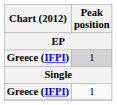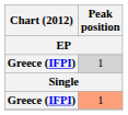 <table class="wikitable sortable plainrowheaders" style="text-align:center">
 <tr>
 <th scope="col">Chart (2012)</th>
 <th scope="col">Peak<br>position</th>
 </tr>
 <tr>
 <th scope="col" colspan="3">EP</th>
 </tr>
 <tr>
 <th scope="row">Greece (<a href='#'>IFPI</a>)</th>
 <td style="background: lightgrey;">1</td>
 </tr>
 <tr>
 <th scope="col" colspan="3">Single</th>
 </tr>
 <tr>
 <th scope="row">Greece (<a href='#'>IFPI</a>)</th>
-<td>1</td>
+<td style="background: lightsalmon;">1</td>
 </tr>
 <tr>
 </tr>
 </table>
